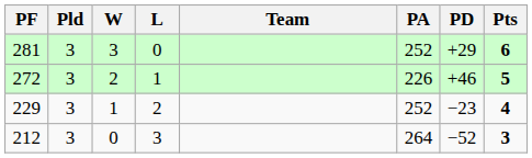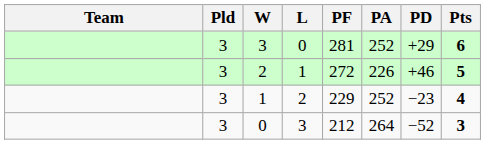 <table class=wikitable style="text-align:center">
 <tr>
-<th width=30>PF</th>
+<th width=180>Team</th>
 <th width=30>Pld</th>
 <th width=30>W</th>
 <th width=30>L</th>
-<th width=180>Team</th>
+<th width=30>PF</th>
 <th width=30>PA</th>
 <th width=30>PD</th>
 <th width=30>Pts</th>
 </tr>
 <tr align=center bgcolor="#ccffcc">
-<td>281</td>
+<td align=left></td>
 <td>3</td>
 <td>3</td>
 <td>0</td>
-<td align=left></td>
+<td>281</td>
 <td>252</td>
 <td>+29</td>
 <td><strong>6</strong></td>
 </tr>
 <tr align=center bgcolor="#ccffcc">
-<td>272</td>
+<td align=left></td>
 <td>3</td>
 <td>2</td>
 <td>1</td>
-<td align=left></td>
+<td>272</td>
 <td>226</td>
 <td>+46</td>
 <td><strong>5</strong></td>
 </tr>
 <tr align=center>
-<td>229</td>
+<td align=left></td>
 <td>3</td>
 <td>1</td>
 <td>2</td>
-<td align=left></td>
+<td>229</td>
 <td>252</td>
 <td>−23</td>
 <td><strong>4</strong></td>
 </tr>
 <tr align=center>
-<td>212</td>
+<td align=left></td>
 <td>3</td>
 <td>0</td>
 <td>3</td>
-<td align=left></td>
+<td>212</td>
 <td>264</td>
 <td>−52</td>
 <td><strong>3</strong></td>
 </tr>
 </table>
